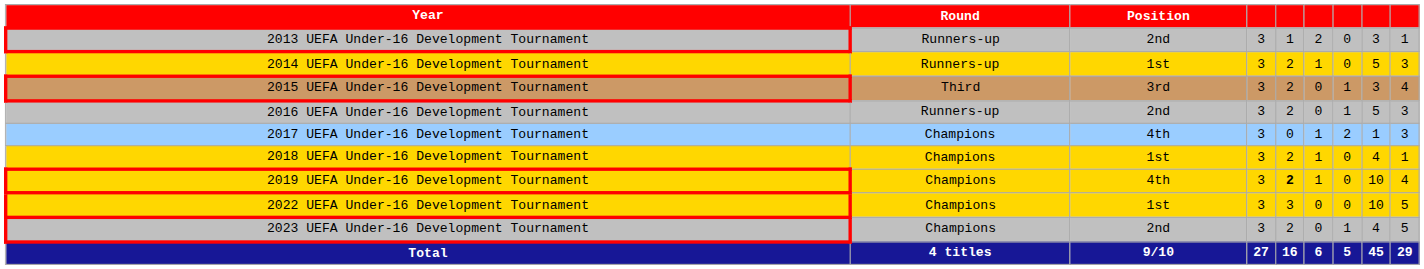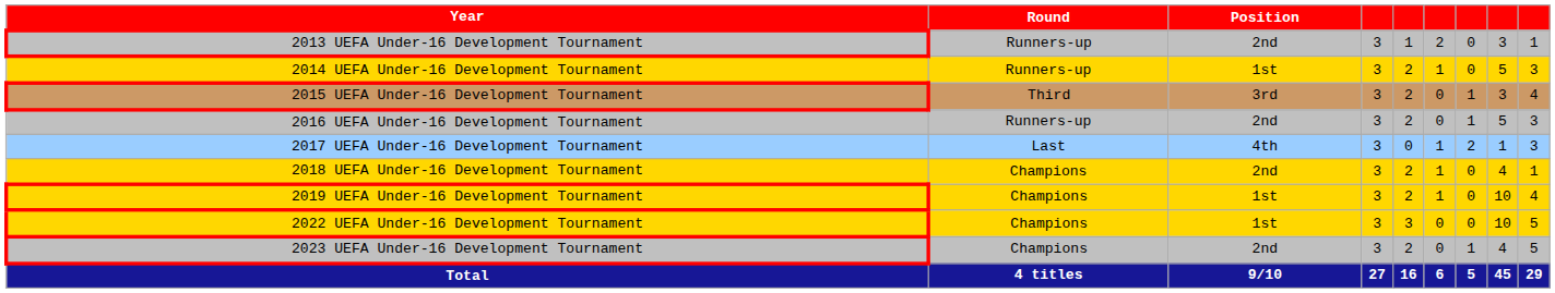 <table class="wikitable" style="font-size:90%; text-align:center;" width="100%" class="wikitable">
 <tr>
 <th style="background:#ff0000; color:white; ">Year</th>
 <th style="background:#ff0000; color:white; ">Round</th>
 <th style="background:#ff0000; color:white; ">Position</th>
 <th width="20" style="background:#ff0000; color:white; "></th>
 <th width="20" style="background:#ff0000; color:white; "></th>
 <th width="20" style="background:#ff0000; color:white; "></th>
 <th width="20" style="background:#ff0000; color:white; "></th>
 <th width="20" style="background:#ff0000; color:white; "></th>
 <th width="20" style="background:#ff0000; color:white; "></th>
 </tr>
 <tr bgcolor=silver>
 <td style="border: 3px solid red"> 2013 UEFA Under-16 Development Tournament</td>
 <td>Runners-up</td>
 <td>2nd</td>
 <td>3</td>
 <td>1</td>
 <td>2</td>
 <td>0</td>
 <td>3</td>
 <td>1</td>
 </tr>
 <tr bgcolor=gold>
 <td> 2014 UEFA Under-16 Development Tournament</td>
 <td>Runners-up</td>
 <td>1st</td>
 <td>3</td>
 <td>2</td>
 <td>1</td>
 <td>0</td>
 <td>5</td>
 <td>3</td>
 </tr>
 <tr bgcolor=#cc9966>
 <td style="border: 3px solid red"> 2015 UEFA Under-16 Development Tournament</td>
 <td>Third</td>
 <td>3rd</td>
 <td>3</td>
 <td>2</td>
 <td>0</td>
 <td>1</td>
 <td>3</td>
 <td>4</td>
 </tr>
 <tr bgcolor=silver>
 <td> 2016 UEFA Under-16 Development Tournament</td>
 <td>Runners-up</td>
 <td>2nd</td>
 <td>3</td>
 <td>2</td>
 <td>0</td>
 <td>1</td>
 <td>5</td>
 <td>3</td>
 </tr>
 <tr bgcolor=#9acdff>
 <td> 2017 UEFA Under-16 Development Tournament</td>
-<td>Champions</td>
+<td>Last</td>
 <td>4th</td>
 <td>3</td>
 <td>0</td>
 <td>1</td>
 <td>2</td>
 <td>1</td>
 <td>3</td>
 </tr>
 <tr bgcolor=gold>
 <td> 2018 UEFA Under-16 Development Tournament</td>
 <td>Champions</td>
-<td>1st</td>
+<td>2nd</td>
 <td>3</td>
 <td>2</td>
 <td>1</td>
 <td>0</td>
 <td>4</td>
 <td>1</td>
 </tr>
 <tr bgcolor=gold>
 <td style="border: 3px solid red"> 2019 UEFA Under-16 Development Tournament</td>
 <td>Champions</td>
-<td>4th</td>
+<td>1st</td>
 <td>3</td>
-<td><strong>2</strong></td>
+<td>2</td>
 <td>1</td>
 <td>0</td>
 <td>10</td>
 <td>4</td>
 </tr>
 <tr bgcolor=gold>
 <td style="border: 3px solid red"> 2022 UEFA Under-16 Development Tournament</td>
 <td>Champions</td>
 <td>1st</td>
 <td>3</td>
 <td>3</td>
 <td>0</td>
 <td>0</td>
 <td>10</td>
 <td>5</td>
 </tr>
 <tr bgcolor=silver>
 <td style="border: 3px solid red"> 2023 UEFA Under-16 Development Tournament</td>
 <td>Champions</td>
 <td>2nd</td>
 <td>3</td>
 <td>2</td>
 <td>0</td>
 <td>1</td>
 <td>4</td>
 <td>5</td>
 </tr>
 <tr>
 <th style="background:#171796; color:white; ">Total</th>
 <th style="background:#171796; color:white; ">4 titles</th>
 <th style="background:#171796; color:white; ">9/10</th>
 <th style="background:#171796; color:white; ">27</th>
 <th style="background:#171796; color:white; ">16</th>
 <th style="background:#171796; color:white; ">6</th>
 <th style="background:#171796; color:white; ">5</th>
 <th style="background:#171796; color:white; ">45</th>
 <th style="background:#171796; color:white; ">29</th>
 </tr>
 </table>
